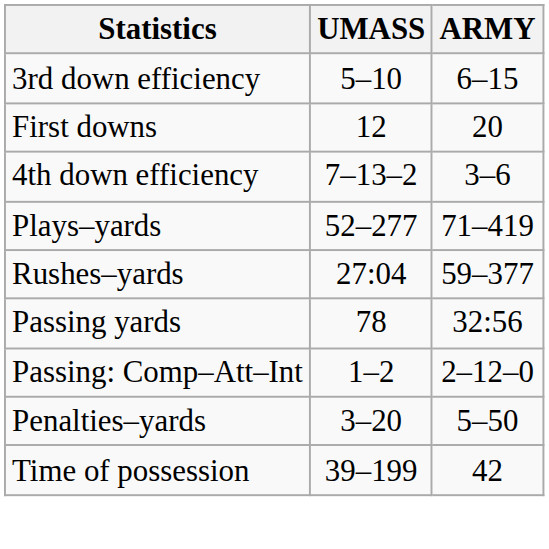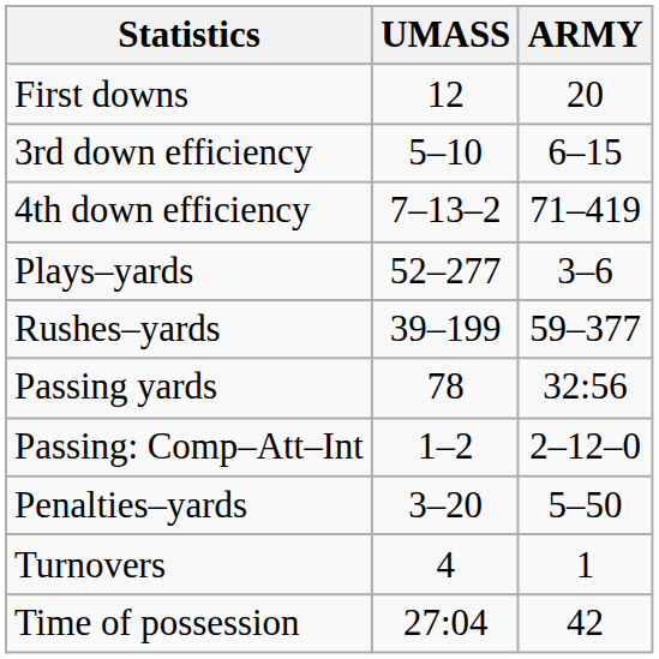 <table class="wikitable">
 <tr>
 <th>Statistics</th>
 <th>UMASS</th>
 <th>ARMY</th>
 </tr>
 <tr>
+<td>First downs</td>
+<td align=center>12</td>
+<td align=center>20</td>
+</tr>
+<tr>
 <td>3rd down efficiency</td>
 <td align=center>5–10</td>
 <td align=center>6–15</td>
 </tr>
 <tr>
-<td>First downs</td>
-<td align=center>12</td>
-<td align=center>20</td>
-</tr>
-<tr>
 <td>4th down efficiency</td>
 <td align=center>7–13–2</td>
-<td align=center>3–6</td>
+<td align=center>71–419</td>
 </tr>
 <tr>
 <td>Plays–yards</td>
 <td align=center>52–277</td>
-<td align=center>71–419</td>
+<td align=center>3–6</td>
 </tr>
 <tr>
 <td>Rushes–yards</td>
-<td align=center>27:04</td>
+<td align=center>39–199</td>
 <td align=center>59–377</td>
 </tr>
 <tr>
 <td>Passing yards</td>
 <td align=center>78</td>
 <td align=center>32:56</td>
 </tr>
 <tr>
 <td>Passing: Comp–Att–Int</td>
 <td align=center>1–2</td>
 <td align=center>2–12–0</td>
 </tr>
 <tr>
 <td>Penalties–yards</td>
 <td align=center>3–20</td>
 <td align=center>5–50</td>
 </tr>
 <tr>
+<td>Turnovers</td>
+<td align=center>4</td>
+<td align=center>1</td>
+</tr>
+<tr>
 <td>Time of possession</td>
-<td align=center>39–199</td>
+<td align=center>27:04</td>
 <td align=center>42</td>
 </tr>
 </table>
